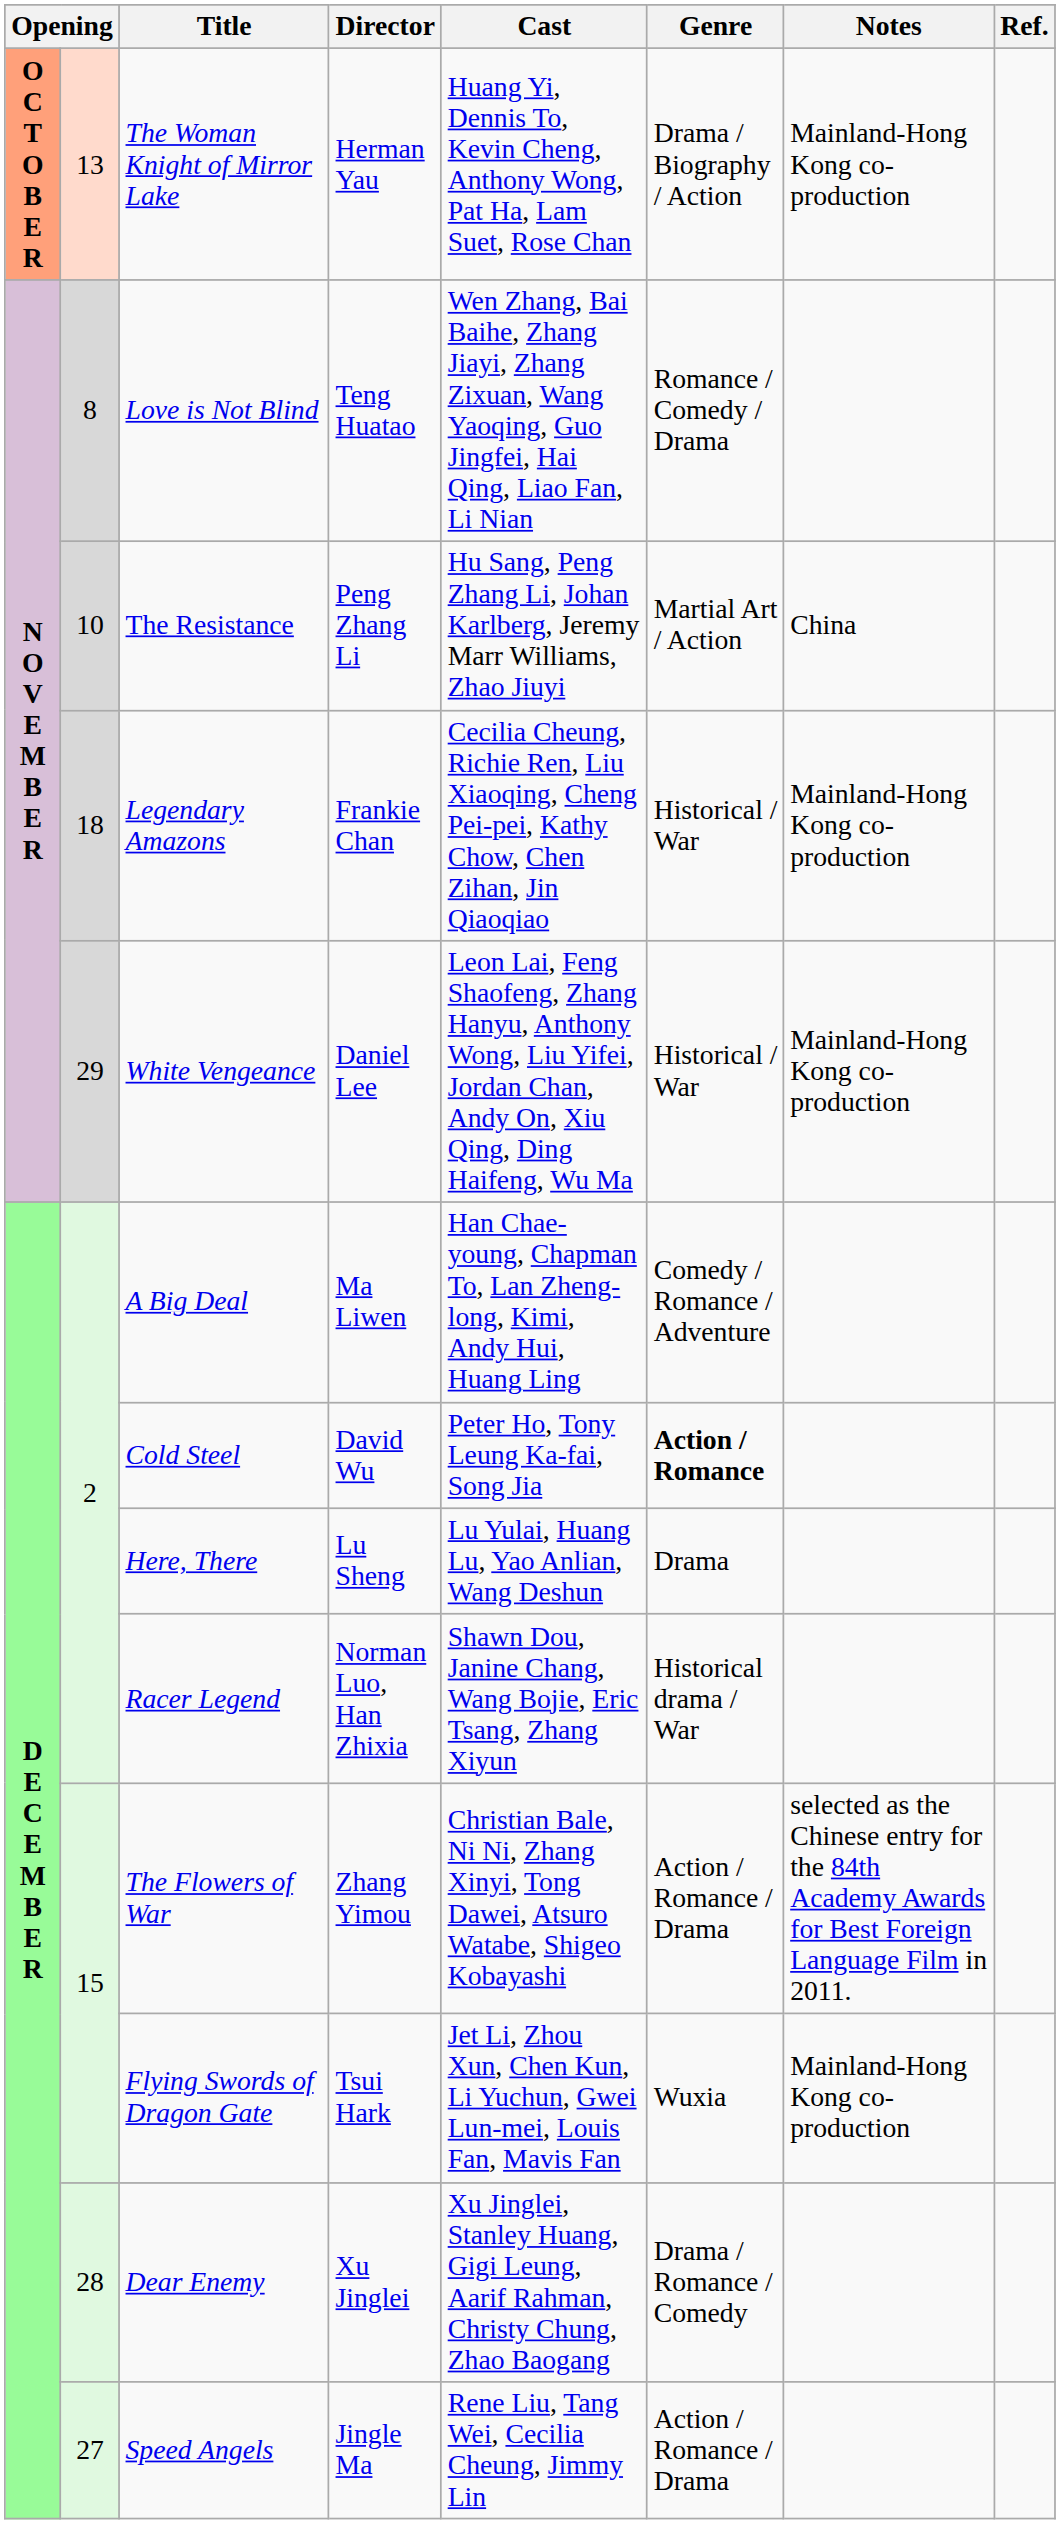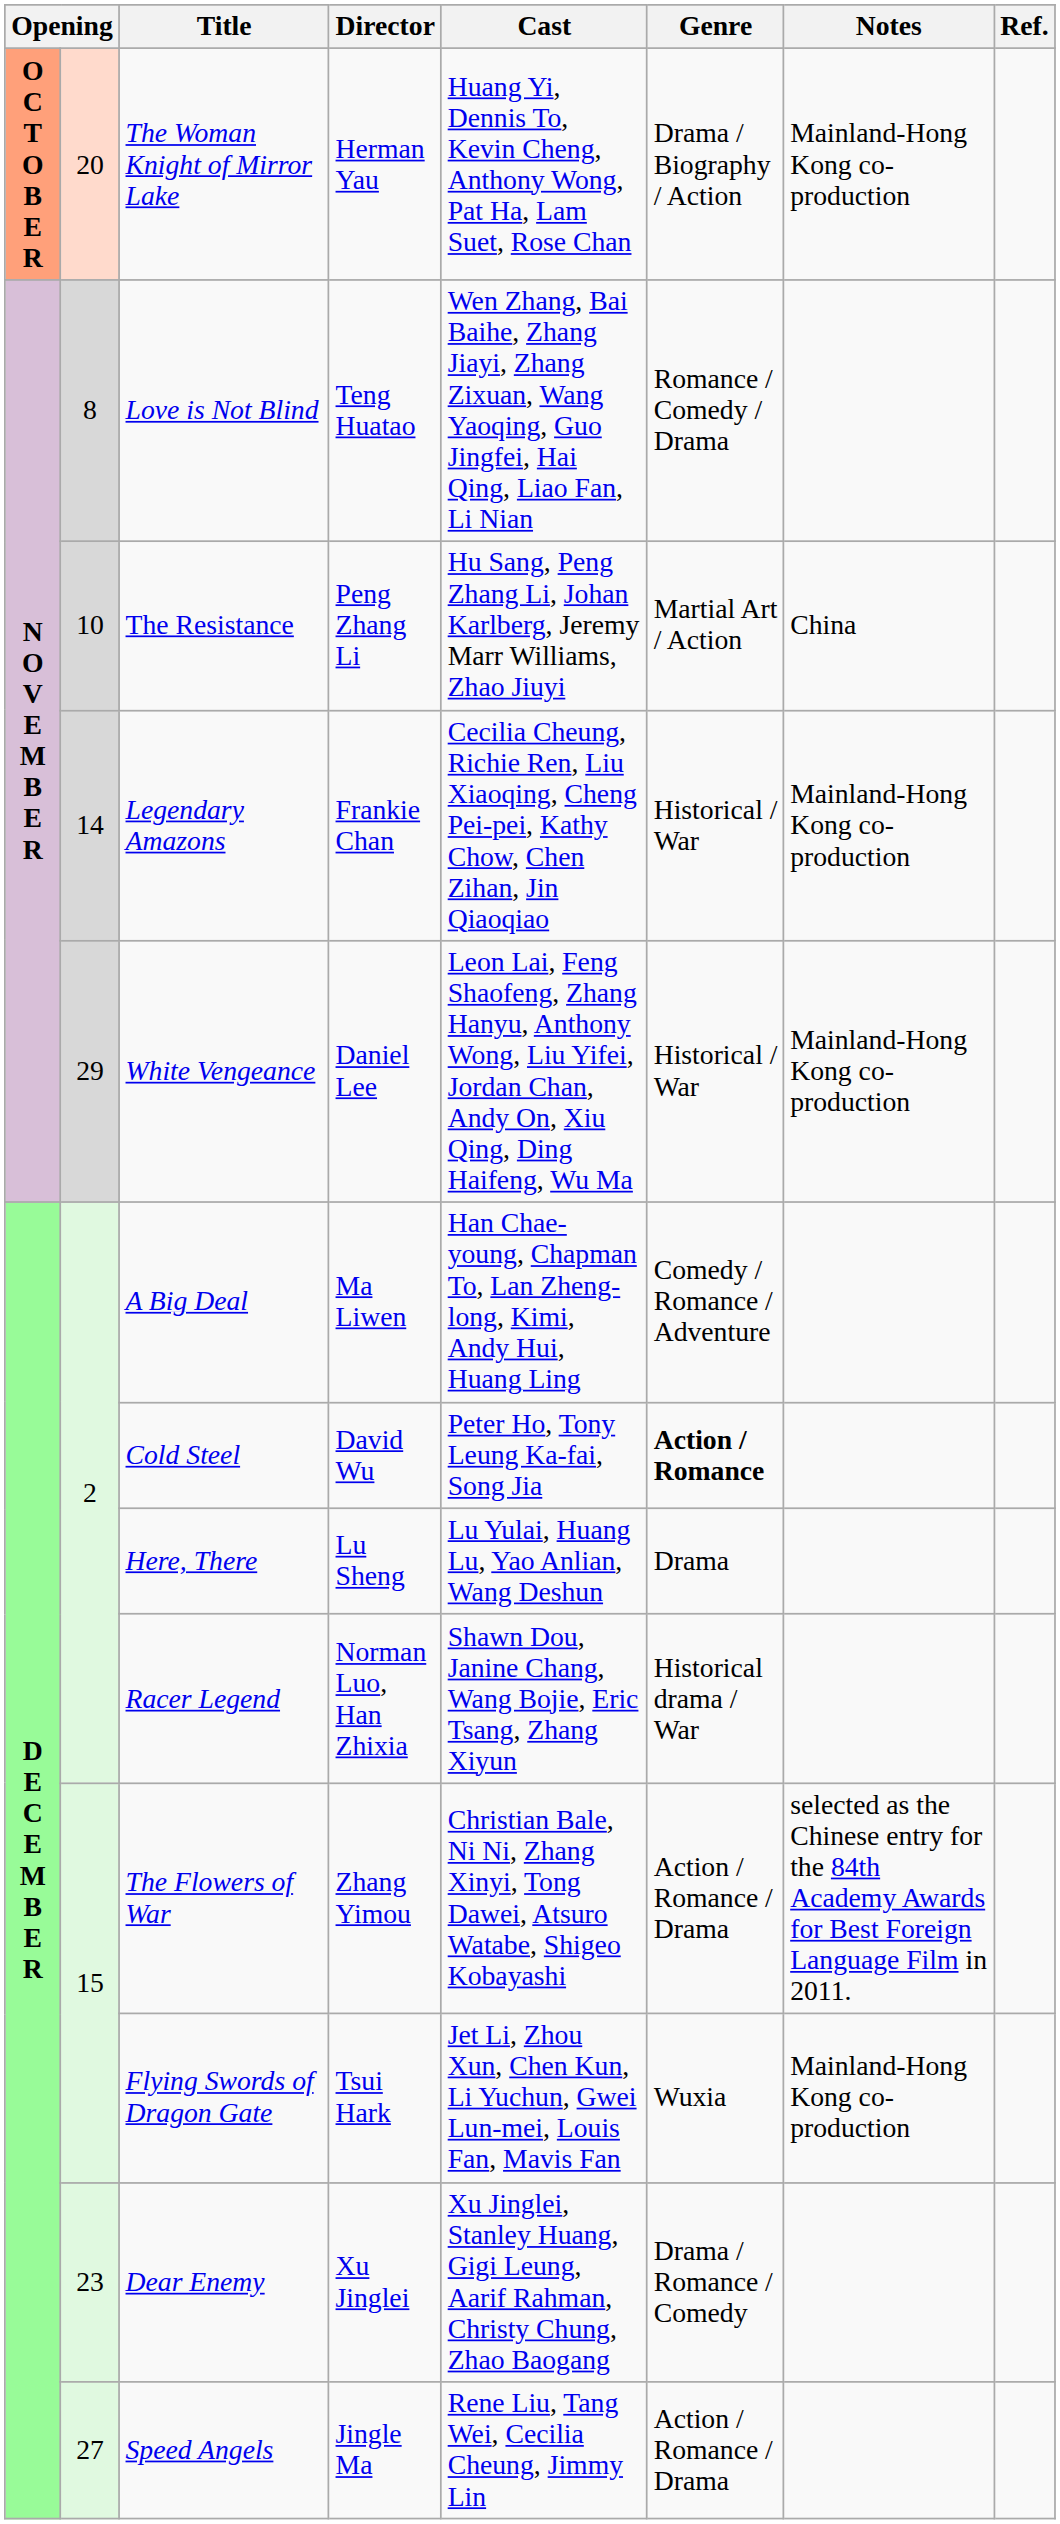 <table class="wikitable">
 <tr>
 <th colspan="2">Opening</th>
 <th style="width:20%;">Title</th>
 <th style="width:10%;">Director</th>
 <th>Cast</th>
 <th style="width:13%">Genre</th>
 <th style="width:20%">Notes</th>
 <th>Ref.</th>
 </tr>
 <tr>
 <td rowspan=1 style="text-align:center; background:#ffa07a; textcolor:#000;"><strong>O<br>C<br>T<br>O<br>B<br>E<br>R</strong></td>
-<td rowspan=1 style="text-align:center; background:#ffdacc; textcolor:#000;">13</td>
+<td rowspan=1 style="text-align:center; background:#ffdacc; textcolor:#000;">20</td>
 <td><em><a href='#'>The Woman Knight of Mirror Lake</a></em></td>
 <td><a href='#'>Herman Yau</a></td>
 <td><a href='#'>Huang Yi</a>, <a href='#'>Dennis To</a>, <a href='#'>Kevin Cheng</a>, <a href='#'>Anthony Wong</a>, <a href='#'>Pat Ha</a>, <a href='#'>Lam Suet</a>, <a href='#'>Rose Chan</a></td>
 <td>Drama / Biography / Action</td>
 <td>Mainland-Hong Kong co-production</td>
 <td style="text-align:center;"></td>
 </tr>
 <tr>
 <td rowspan=4 style="text-align:center; background:thistle; textcolor:#000;"><strong>N<br>O<br>V<br>E<br>M<br>B<br>E<br>R</strong></td>
 <td rowspan=1 style="text-align:center; background:#d8d8d8; textcolor:000;">8</td>
 <td><em><a href='#'>Love is Not Blind</a></em></td>
 <td><a href='#'>Teng Huatao</a></td>
 <td><a href='#'>Wen Zhang</a>, <a href='#'>Bai Baihe</a>, <a href='#'>Zhang Jiayi</a>, <a href='#'>Zhang Zixuan</a>, <a href='#'>Wang Yaoqing</a>, <a href='#'>Guo Jingfei</a>, <a href='#'>Hai Qing</a>, <a href='#'>Liao Fan</a>, <a href='#'>Li Nian</a></td>
 <td>Romance / Comedy / Drama</td>
 <td></td>
 <td style="text-align:center;"></td>
 </tr>
 <tr>
 <td rowspan=1 style="text-align:center; background:#d8d8d8; textcolor:000;">10</td>
 <td><em><a href='#'></em>The Resistance<em></a></em></td>
 <td><a href='#'>Peng Zhang Li</a></td>
 <td><a href='#'>Hu Sang</a>, <a href='#'>Peng Zhang Li</a>, <a href='#'>Johan Karlberg</a>, Jeremy Marr Williams, <a href='#'>Zhao Jiuyi</a></td>
 <td>Martial Art / Action</td>
 <td>China</td>
 <td style="text-align:center;"></td>
 </tr>
 <tr>
-<td rowspan=1 style="text-align:center; background:#d8d8d8; textcolor:000;">18</td>
+<td rowspan=1 style="text-align:center; background:#d8d8d8; textcolor:000;">14</td>
 <td><em><a href='#'>Legendary Amazons</a></em></td>
 <td><a href='#'>Frankie Chan</a></td>
 <td><a href='#'>Cecilia Cheung</a>, <a href='#'>Richie Ren</a>, <a href='#'>Liu Xiaoqing</a>, <a href='#'>Cheng Pei-pei</a>, <a href='#'>Kathy Chow</a>, <a href='#'>Chen Zihan</a>, <a href='#'>Jin Qiaoqiao</a></td>
 <td>Historical / War</td>
 <td>Mainland-Hong Kong co-production</td>
 <td style="text-align:center;"></td>
 </tr>
 <tr>
 <td rowspan=1 style="text-align:center; background:#d8d8d8; textcolor:000;">29</td>
 <td><em><a href='#'>White Vengeance</a></em></td>
 <td><a href='#'>Daniel Lee</a></td>
 <td><a href='#'>Leon Lai</a>, <a href='#'>Feng Shaofeng</a>, <a href='#'>Zhang Hanyu</a>, <a href='#'>Anthony Wong</a>, <a href='#'>Liu Yifei</a>, <a href='#'>Jordan Chan</a>, <a href='#'>Andy On</a>, <a href='#'>Xiu Qing</a>, <a href='#'>Ding Haifeng</a>, <a href='#'>Wu Ma</a></td>
 <td>Historical / War</td>
 <td>Mainland-Hong Kong co-production</td>
 <td style="text-align:center;"></td>
 </tr>
 <tr>
 <td rowspan=8 style="text-align:center; background:#98fb98; textcolor:#000;"><strong>D<br>E<br>C<br>E<br>M<br>B<br>E<br>R</strong></td>
 <td rowspan=4 style="text-align:center; background:#e0f9e0; textcolor:000;">2</td>
 <td><em><a href='#'>A Big Deal</a></em></td>
 <td><a href='#'>Ma Liwen</a></td>
 <td><a href='#'>Han Chae-young</a>, <a href='#'>Chapman To</a>, <a href='#'>Lan Zheng-long</a>, <a href='#'>Kimi</a>, <a href='#'>Andy Hui</a>, <a href='#'>Huang Ling</a></td>
 <td>Comedy / Romance / Adventure</td>
 <td></td>
 <td style="text-align:center;"></td>
 </tr>
 <tr>
 <td><em><a href='#'>Cold Steel</a></em></td>
 <td><a href='#'>David Wu</a></td>
 <td><a href='#'>Peter Ho</a>, <a href='#'>Tony Leung Ka-fai</a>, <a href='#'>Song Jia</a></td>
 <td><strong>Action / Romance</strong></td>
 <td></td>
 <td style="text-align:center;"></td>
 </tr>
 <tr>
 <td><em><a href='#'>Here, There</a></em></td>
 <td><a href='#'>Lu Sheng</a></td>
 <td><a href='#'>Lu Yulai</a>, <a href='#'>Huang Lu</a>, <a href='#'>Yao Anlian</a>, <a href='#'>Wang Deshun</a></td>
 <td>Drama</td>
 <td></td>
 <td style="text-align:center;"></td>
 </tr>
 <tr>
 <td><em><a href='#'>Racer Legend</a></em></td>
 <td><a href='#'>Norman Luo</a>, <a href='#'>Han Zhixia</a></td>
 <td><a href='#'>Shawn Dou</a>, <a href='#'>Janine Chang</a>, <a href='#'>Wang Bojie</a>, <a href='#'>Eric Tsang</a>, <a href='#'>Zhang Xiyun</a></td>
 <td>Historical drama / War</td>
 <td></td>
 <td style="text-align:center;"></td>
 </tr>
 <tr>
 <td rowspan=2 style="text-align:center; background:#e0f9e0; textcolor:000;">15</td>
 <td><em><a href='#'>The Flowers of War</a></em></td>
 <td><a href='#'>Zhang Yimou</a></td>
 <td><a href='#'>Christian Bale</a>, <a href='#'>Ni Ni</a>, <a href='#'>Zhang Xinyi</a>, <a href='#'>Tong Dawei</a>, <a href='#'>Atsuro Watabe</a>, <a href='#'>Shigeo Kobayashi</a></td>
 <td>Action / Romance / Drama</td>
 <td>selected as the Chinese entry for the <a href='#'>84th Academy Awards for Best Foreign Language Film</a> in 2011.</td>
 <td style="text-align:center;"></td>
 </tr>
 <tr>
 <td><em><a href='#'>Flying Swords of Dragon Gate</a></em></td>
 <td><a href='#'>Tsui Hark</a></td>
 <td><a href='#'>Jet Li</a>, <a href='#'>Zhou Xun</a>, <a href='#'>Chen Kun</a>, <a href='#'>Li Yuchun</a>, <a href='#'>Gwei Lun-mei</a>, <a href='#'>Louis Fan</a>, <a href='#'>Mavis Fan</a></td>
 <td>Wuxia</td>
 <td>Mainland-Hong Kong co-production</td>
 <td style="text-align:center;"></td>
 </tr>
 <tr>
-<td rowspan=1 style="text-align:center; background:#e0f9e0; textcolor:000;">28</td>
+<td rowspan=1 style="text-align:center; background:#e0f9e0; textcolor:000;">23</td>
 <td><em><a href='#'>Dear Enemy</a></em></td>
 <td><a href='#'>Xu Jinglei</a></td>
 <td><a href='#'>Xu Jinglei</a>, <a href='#'>Stanley Huang</a>, <a href='#'>Gigi Leung</a>, <a href='#'>Aarif Rahman</a>, <a href='#'>Christy Chung</a>, <a href='#'>Zhao Baogang</a></td>
 <td>Drama / Romance / Comedy</td>
 <td></td>
 <td style="text-align:center;"></td>
 </tr>
 <tr>
 <td rowspan=1 style="text-align:center; background:#e0f9e0; textcolor:000;">27</td>
 <td><em><a href='#'>Speed Angels</a></em></td>
 <td><a href='#'>Jingle Ma</a></td>
 <td><a href='#'>Rene Liu</a>, <a href='#'>Tang Wei</a>, <a href='#'>Cecilia Cheung</a>, <a href='#'>Jimmy Lin</a></td>
 <td>Action / Romance / Drama</td>
 <td></td>
 <td style="text-align:center;"></td>
 </tr>
 </table>
